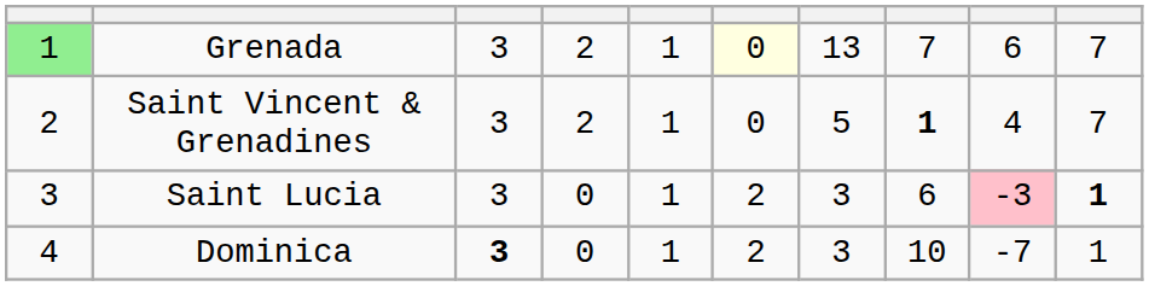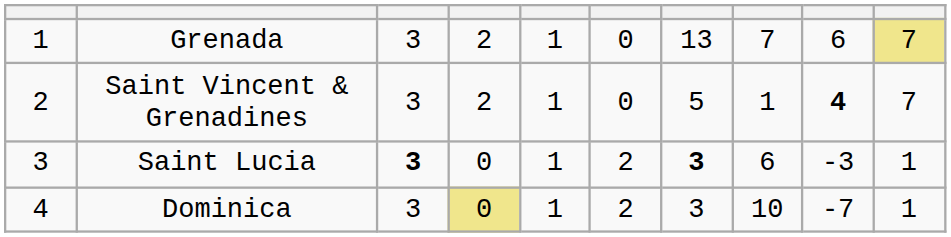 <table class="wikitable" style="text-align: center; font-size: 90%;">
 <tr>
 <th width=25></th>
 <th width=125></th>
 <th width=25></th>
 <th width=25></th>
 <th width=25></th>
 <th width=25></th>
 <th width=25></th>
 <th width=25></th>
 <th width=25></th>
 <th width=25></th>
 </tr>
 <tr>
-<td style="background: lightgreen;">1</td>
+<td>1</td>
 <td>Grenada</td>
 <td>3</td>
 <td>2</td>
 <td>1</td>
-<td style="background: lightyellow;">0</td>
+<td>0</td>
 <td>13</td>
 <td>7</td>
 <td>6</td>
-<td>7</td>
+<td style="background: khaki;">7</td>
 </tr>
 <tr>
 <td>2</td>
 <td>Saint Vincent & Grenadines</td>
 <td>3</td>
 <td>2</td>
 <td>1</td>
 <td>0</td>
 <td>5</td>
-<td><strong>1</strong></td>
-<td>4</td>
+<td>1</td>
+<td><strong>4</strong></td>
 <td>7</td>
 </tr>
 <tr>
 <td>3</td>
 <td>Saint Lucia</td>
-<td>3</td>
+<td><strong>3</strong></td>
 <td>0</td>
 <td>1</td>
 <td>2</td>
-<td>3</td>
+<td><strong>3</strong></td>
 <td>6</td>
-<td style="background: pink;">-3</td>
-<td><strong>1</strong></td>
+<td>-3</td>
+<td>1</td>
 </tr>
 <tr>
 <td>4</td>
 <td>Dominica</td>
-<td><strong>3</strong></td>
-<td>0</td>
+<td>3</td>
+<td style="background: khaki;">0</td>
 <td>1</td>
 <td>2</td>
 <td>3</td>
 <td>10</td>
 <td>-7</td>
 <td>1</td>
 </tr>
 </table>
